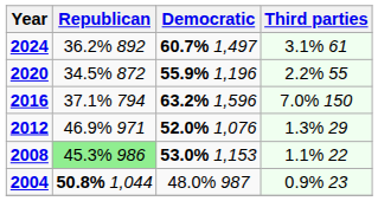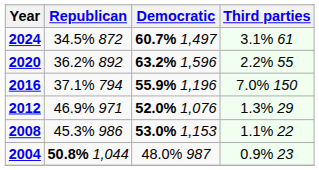 <table class="wikitable" style="float:right; font-size:95%;">
 <tr bgcolor=lightgrey>
 <th>Year</th>
 <th><a href='#'>Republican</a></th>
 <th><a href='#'>Democratic</a></th>
 <th><a href='#'>Third parties</a></th>
 </tr>
 <tr>
 <td style="text-align:center; "><strong><a href='#'>2024</a></strong></td>
-<td style="text-align:center; ">36.2% <em>892</em></td>
+<td style="text-align:center; ">34.5% <em>872</em></td>
 <td style="text-align:center; "><strong>60.7%</strong>  <em>1,497</em></td>
 <td style="text-align:center; background:honeyDew;">3.1% <em>61</em></td>
 </tr>
 <tr>
 <td style="text-align:center; "><strong><a href='#'>2020</a></strong></td>
-<td style="text-align:center; ">34.5% <em>872</em></td>
-<td style="text-align:center; "><strong>55.9%</strong>  <em>1,196</em></td>
+<td style="text-align:center; ">36.2% <em>892</em></td>
+<td style="text-align:center; "><strong>63.2%</strong>  <em>1,596</em></td>
 <td style="text-align:center; background:honeyDew;">2.2% <em>55</em></td>
 </tr>
 <tr>
 <td style="text-align:center; "><strong><a href='#'>2016</a></strong></td>
 <td style="text-align:center; ">37.1% <em>794</em></td>
-<td style="text-align:center; "><strong>63.2%</strong>  <em>1,596</em></td>
+<td style="text-align:center; "><strong>55.9%</strong>  <em>1,196</em></td>
 <td style="text-align:center; background:honeyDew;">7.0% <em>150</em></td>
 </tr>
 <tr>
 <td style="text-align:center; "><strong><a href='#'>2012</a></strong></td>
 <td style="text-align:center; ">46.9% <em>971</em></td>
 <td style="text-align:center; "><strong>52.0%</strong>  <em>1,076</em></td>
 <td style="text-align:center; background:honeyDew;">1.3% <em>29</em></td>
 </tr>
 <tr>
 <td style="text-align:center; "><strong><a href='#'>2008</a></strong></td>
-<td style="background: lightgreen; text-align:center; ">45.3% <em>986</em></td>
+<td style="text-align:center; ">45.3% <em>986</em></td>
 <td style="text-align:center; "><strong>53.0%</strong>  <em>1,153</em></td>
 <td style="text-align:center; background:honeyDew;">1.1% <em>22</em></td>
 </tr>
 <tr>
 <td style="text-align:center; "><strong><a href='#'>2004</a></strong></td>
 <td style="text-align:center; "><strong>50.8%</strong> <em>1,044</em></td>
 <td style="text-align:center; ">48.0%  <em>987</em></td>
 <td style="text-align:center; background:honeyDew;">0.9% <em>23</em></td>
 </tr>
 <tr>
 </tr>
 </table>
